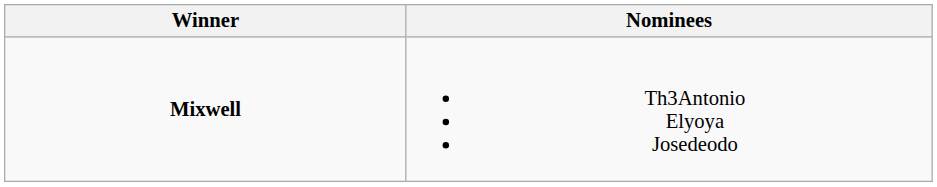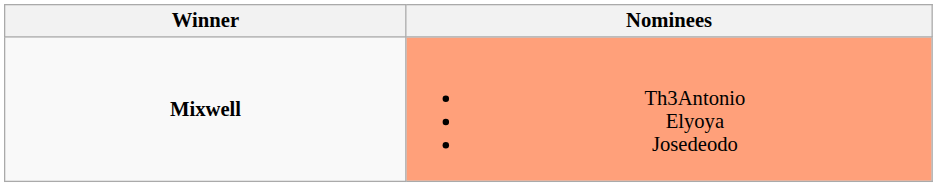 <table class="wikitable" style="text-align:center;">
 <tr>
 <th scope="col" style="width:19em;">Winner</th>
 <th scope="col" style="width:25em;">Nominees</th>
 </tr>
 <tr>
 <td><strong> Mixwell</strong></td>
-<td><br><ul><li> Th3Antonio</li><li> Elyoya</li><li> Josedeodo</li></ul></td>
+<td style="background: lightsalmon;"><br><ul><li> Th3Antonio</li><li> Elyoya</li><li> Josedeodo</li></ul></td>
 </tr>
 </table>
